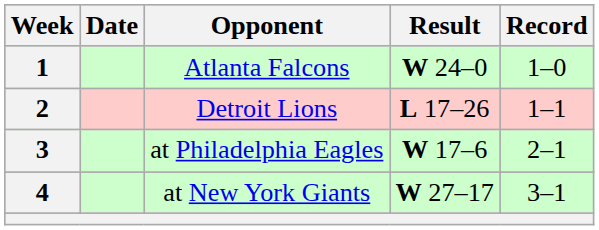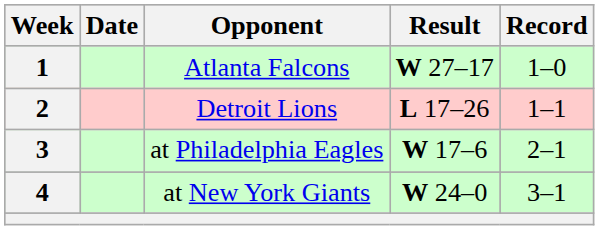 <table class="wikitable" style="text-align:center">
 <tr>
 <th>Week</th>
 <th>Date</th>
 <th>Opponent</th>
 <th>Result</th>
 <th>Record</th>
 </tr>
 <tr style="background:#cfc">
 <th>1</th>
 <td></td>
 <td><a href='#'>Atlanta Falcons</a></td>
-<td><strong>W</strong> 24–0</td>
+<td><strong>W</strong> 27–17</td>
 <td>1–0</td>
 </tr>
 <tr style="background:#fcc">
 <th>2</th>
 <td></td>
 <td><a href='#'>Detroit Lions</a></td>
 <td><strong>L</strong> 17–26</td>
 <td>1–1</td>
 </tr>
 <tr style="background:#cfc">
 <th>3</th>
 <td></td>
 <td>at <a href='#'>Philadelphia Eagles</a></td>
 <td><strong>W</strong> 17–6</td>
 <td>2–1</td>
 </tr>
 <tr style="background:#cfc">
 <th>4</th>
 <td></td>
 <td>at <a href='#'>New York Giants</a></td>
-<td><strong>W</strong> 27–17</td>
+<td><strong>W</strong> 24–0</td>
 <td>3–1</td>
 </tr>
 <tr>
 <th colspan="5"></th>
 </tr>
 </table>
